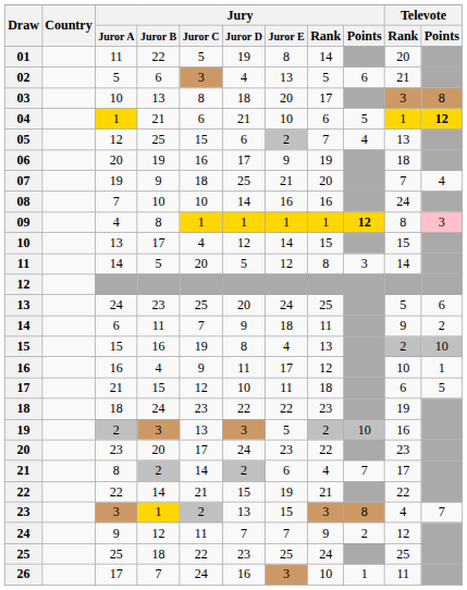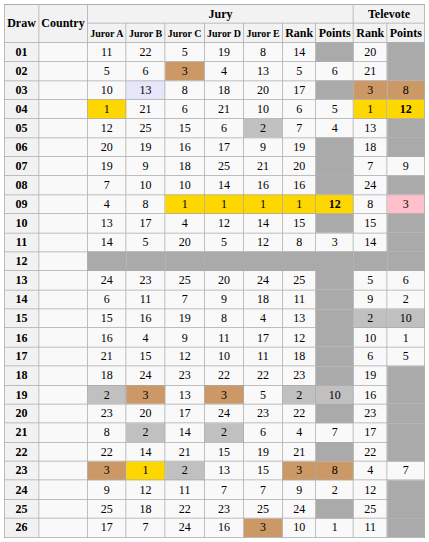 <table class="sortable wikitable collapsible plainrowheaders" style="text-align:center;">
 <tr>
 </tr>
 <tr>
 <th scope="col" rowspan="2">Draw</th>
 <th scope="col" rowspan="2">Country</th>
 <th scope="col" colspan="7">Jury</th>
 <th scope="col" colspan="2">Televote</th>
 </tr>
 <tr>
 <th scope="col"><small>Juror A</small></th>
 <th scope="col"><small>Juror B</small></th>
 <th scope="col"><small>Juror C</small></th>
 <th scope="col"><small>Juror D</small></th>
 <th scope="col"><small>Juror E</small></th>
 <th scope="col">Rank</th>
 <th scope="col" class="unsortable">Points</th>
 <th scope="col">Rank</th>
 <th scope="col" class="unsortable">Points</th>
 </tr>
 <tr>
 <th scope="row" style="text-align:center;">01</th>
 <td style="text-align:left;"></td>
 <td>11</td>
 <td>22</td>
 <td>5</td>
 <td>19</td>
 <td>8</td>
 <td>14</td>
 <td style="background:#AAAAAA;"></td>
 <td>20</td>
 <td style="background:#AAAAAA;"></td>
 </tr>
 <tr>
 <th scope="row" style="text-align:center;">02</th>
 <td style="text-align:left;"></td>
 <td>5</td>
 <td>6</td>
 <td style="background:#CC9966;">3</td>
 <td>4</td>
 <td>13</td>
 <td>5</td>
 <td>6</td>
 <td>21</td>
 <td style="background:#AAAAAA;"></td>
 </tr>
 <tr>
 <th scope="row" style="text-align:center;">03</th>
 <td style="text-align:left;"></td>
 <td>10</td>
-<td>13</td>
+<td style="background: lavender;">13</td>
 <td>8</td>
 <td>18</td>
 <td>20</td>
 <td>17</td>
 <td style="background:#AAAAAA;"></td>
 <td style="background:#CC9966;">3</td>
 <td style="background:#CC9966;">8</td>
 </tr>
 <tr>
 <th scope="row" style="text-align:center;">04</th>
 <td style="text-align:left;"></td>
 <td style="background:gold;">1</td>
 <td>21</td>
 <td>6</td>
 <td>21</td>
 <td>10</td>
 <td>6</td>
 <td>5</td>
 <td style="background:gold;">1</td>
 <td style="background:gold;"><strong>12</strong></td>
 </tr>
 <tr>
 <th scope="row" style="text-align:center;">05</th>
 <td style="text-align:left;"></td>
 <td>12</td>
 <td>25</td>
 <td>15</td>
 <td>6</td>
 <td style="background:silver;">2</td>
 <td>7</td>
 <td>4</td>
 <td>13</td>
 <td style="background:#AAAAAA;"></td>
 </tr>
 <tr>
 <th scope="row" style="text-align:center;">06</th>
 <td style="text-align:left;"></td>
 <td>20</td>
 <td>19</td>
 <td>16</td>
 <td>17</td>
 <td>9</td>
 <td>19</td>
 <td style="background:#AAAAAA;"></td>
 <td>18</td>
 <td style="background:#AAAAAA;"></td>
 </tr>
 <tr>
 <th scope="row" style="text-align:center;">07</th>
 <td style="text-align:left;"></td>
 <td>19</td>
 <td>9</td>
 <td>18</td>
 <td>25</td>
 <td>21</td>
 <td>20</td>
 <td style="background:#AAAAAA;"></td>
 <td>7</td>
-<td>4</td>
+<td>9</td>
 </tr>
 <tr>
 <th scope="row" style="text-align:center;">08</th>
 <td style="text-align:left;"></td>
 <td>7</td>
 <td>10</td>
 <td>10</td>
 <td>14</td>
 <td>16</td>
 <td>16</td>
 <td style="background:#AAAAAA;"></td>
 <td>24</td>
 <td style="background:#AAAAAA;"></td>
 </tr>
 <tr>
 <th scope="row" style="text-align:center;">09</th>
 <td style="text-align:left;"></td>
 <td>4</td>
 <td>8</td>
 <td style="background:gold;">1</td>
 <td style="background:gold;">1</td>
 <td style="background:gold;">1</td>
 <td style="background:gold;">1</td>
 <td style="background:gold;"><strong>12</strong></td>
 <td>8</td>
 <td style="background: pink;">3</td>
 </tr>
 <tr>
 <th scope="row" style="text-align:center;">10</th>
 <td style="text-align:left;"></td>
 <td>13</td>
 <td>17</td>
 <td>4</td>
 <td>12</td>
 <td>14</td>
 <td>15</td>
 <td style="background:#AAAAAA;"></td>
 <td>15</td>
 <td style="background:#AAAAAA;"></td>
 </tr>
 <tr>
 <th scope="row" style="text-align:center;">11</th>
 <td style="text-align:left;"></td>
 <td>14</td>
 <td>5</td>
 <td>20</td>
 <td>5</td>
 <td>12</td>
 <td>8</td>
 <td>3</td>
 <td>14</td>
 <td style="background:#AAAAAA;"></td>
 </tr>
 <tr class=sortbottom>
 <th scope="row" style="text-align:center;">12</th>
 <td style="text-align:left;"></td>
 <td style="background:#AAAAAA;"></td>
 <td style="background:#AAAAAA;"></td>
 <td style="background:#AAAAAA;"></td>
 <td style="background:#AAAAAA;"></td>
 <td style="background:#AAAAAA;"></td>
 <td style="background:#AAAAAA;"></td>
 <td style="background:#AAAAAA;"></td>
 <td style="background:#AAAAAA;"></td>
 <td style="background:#AAAAAA;"></td>
 </tr>
 <tr>
 <th scope="row" style="text-align:center;">13</th>
 <td style="text-align:left;"></td>
 <td>24</td>
 <td>23</td>
 <td>25</td>
 <td>20</td>
 <td>24</td>
 <td>25</td>
 <td style="background:#AAAAAA;"></td>
 <td>5</td>
 <td>6</td>
 </tr>
 <tr>
 <th scope="row" style="text-align:center;">14</th>
 <td style="text-align:left;"></td>
 <td>6</td>
 <td>11</td>
 <td>7</td>
 <td>9</td>
 <td>18</td>
 <td>11</td>
 <td style="background:#AAAAAA;"></td>
 <td>9</td>
 <td>2</td>
 </tr>
 <tr>
 <th scope="row" style="text-align:center;">15</th>
 <td style="text-align:left;"></td>
 <td>15</td>
 <td>16</td>
 <td>19</td>
 <td>8</td>
 <td>4</td>
 <td>13</td>
 <td style="background:#AAAAAA;"></td>
 <td style="background:silver;">2</td>
 <td style="background:silver;">10</td>
 </tr>
 <tr>
 <th scope="row" style="text-align:center;">16</th>
 <td style="text-align:left;"></td>
 <td>16</td>
 <td>4</td>
 <td>9</td>
 <td>11</td>
 <td>17</td>
 <td>12</td>
 <td style="background:#AAAAAA;"></td>
 <td>10</td>
 <td>1</td>
 </tr>
 <tr>
 <th scope="row" style="text-align:center;">17</th>
 <td style="text-align:left;"></td>
 <td>21</td>
 <td>15</td>
 <td>12</td>
 <td>10</td>
 <td>11</td>
 <td>18</td>
 <td style="background:#AAAAAA;"></td>
 <td>6</td>
 <td>5</td>
 </tr>
 <tr>
 <th scope="row" style="text-align:center;">18</th>
 <td style="text-align:left;"></td>
 <td>18</td>
 <td>24</td>
 <td>23</td>
 <td>22</td>
 <td>22</td>
 <td>23</td>
 <td style="background:#AAAAAA;"></td>
 <td>19</td>
 <td style="background:#AAAAAA;"></td>
 </tr>
 <tr>
 <th scope="row" style="text-align:center;">19</th>
 <td style="text-align:left;"></td>
 <td style="background:silver;">2</td>
 <td style="background:#CC9966;">3</td>
 <td>13</td>
 <td style="background:#CC9966;">3</td>
 <td>5</td>
 <td style="background:silver;">2</td>
 <td style="background:silver;">10</td>
 <td>16</td>
 <td style="background:#AAAAAA;"></td>
 </tr>
 <tr>
 <th scope="row" style="text-align:center;">20</th>
 <td style="text-align:left;"></td>
 <td>23</td>
 <td>20</td>
 <td>17</td>
 <td>24</td>
 <td>23</td>
 <td>22</td>
 <td style="background:#AAAAAA;"></td>
 <td>23</td>
 <td style="background:#AAAAAA;"></td>
 </tr>
 <tr>
 <th scope="row" style="text-align:center;">21</th>
 <td style="text-align:left;"></td>
 <td>8</td>
 <td style="background:silver;">2</td>
 <td>14</td>
 <td style="background:silver;">2</td>
 <td>6</td>
 <td>4</td>
 <td>7</td>
 <td>17</td>
 <td style="background:#AAAAAA;"></td>
 </tr>
 <tr>
 <th scope="row" style="text-align:center;">22</th>
 <td style="text-align:left;"></td>
 <td>22</td>
 <td>14</td>
 <td>21</td>
 <td>15</td>
 <td>19</td>
 <td>21</td>
 <td style="background:#AAAAAA;"></td>
 <td>22</td>
 <td style="background:#AAAAAA;"></td>
 </tr>
 <tr>
 <th scope="row" style="text-align:center;">23</th>
 <td style="text-align:left;"></td>
 <td style="background:#CC9966;">3</td>
 <td style="background:gold;">1</td>
 <td style="background:silver;">2</td>
 <td>13</td>
 <td>15</td>
 <td style="background:#CC9966;">3</td>
 <td style="background:#CC9966;">8</td>
 <td>4</td>
 <td>7</td>
 </tr>
 <tr>
 <th scope="row" style="text-align:center;">24</th>
 <td style="text-align:left;"></td>
 <td>9</td>
 <td>12</td>
 <td>11</td>
 <td>7</td>
 <td>7</td>
 <td>9</td>
 <td>2</td>
 <td>12</td>
 <td style="background:#AAAAAA;"></td>
 </tr>
 <tr>
 <th scope="row" style="text-align:center;">25</th>
 <td style="text-align:left;"></td>
 <td>25</td>
 <td>18</td>
 <td>22</td>
 <td>23</td>
 <td>25</td>
 <td>24</td>
 <td style="background:#AAAAAA;"></td>
 <td>25</td>
 <td style="background:#AAAAAA;"></td>
 </tr>
 <tr>
 <th scope="row" style="text-align:center;">26</th>
 <td style="text-align:left;"></td>
 <td>17</td>
 <td>7</td>
 <td>24</td>
 <td>16</td>
 <td style="background:#CC9966;">3</td>
 <td>10</td>
 <td>1</td>
 <td>11</td>
 <td style="background:#AAAAAA;"></td>
 </tr>
 </table>
